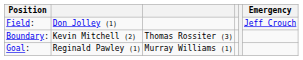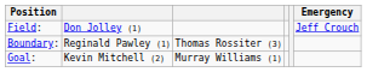 <table class="wikitable" style="font-size: 95%;">
 <tr>
 <th>Position</th>
 <th></th>
 <th></th>
 <th></th>
 <th rowspan="4"></th>
 <th>Emergency</th>
 </tr>
 <tr>
 <td><a href='#'>Field</a>:</td>
 <td><a href='#'>Don Jolley</a> <small>(1)</small></td>
 <td></td>
 <td></td>
 <td><a href='#'>Jeff Crouch</a></td>
 </tr>
 <tr>
 <td><a href='#'>Boundary</a>:</td>
-<td>Kevin Mitchell <small>(2)</small></td>
+<td>Reginald Pawley <small>(1)</small></td>
 <td>Thomas Rossiter <small>(3)</small></td>
 <td></td>
 <td></td>
 </tr>
 <tr>
 <td><a href='#'>Goal</a>:</td>
-<td>Reginald Pawley <small>(1)</small></td>
+<td>Kevin Mitchell <small>(2)</small></td>
 <td>Murray Williams <small>(1)</small></td>
 <td></td>
 <td></td>
 </tr>
 </table>
